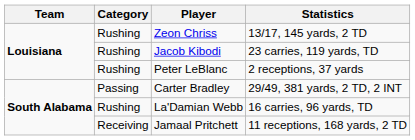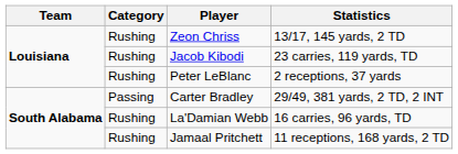 <table class="wikitable" style="float: right;">
 <tr>
 <th>Team</th>
 <th>Category</th>
 <th>Player</th>
 <th>Statistics</th>
 </tr>
 <tr>
 <td rowspan=3><strong>Louisiana</strong></td>
 <td>Rushing</td>
 <td><a href='#'>Zeon Chriss</a></td>
 <td>13/17, 145 yards, 2 TD</td>
 </tr>
 <tr>
 <td>Rushing</td>
 <td><a href='#'>Jacob Kibodi</a></td>
 <td>23 carries, 119 yards, TD</td>
 </tr>
 <tr>
 <td>Rushing</td>
 <td>Peter LeBlanc</td>
 <td>2 receptions, 37 yards</td>
 </tr>
 <tr>
 <td rowspan=3><strong>South Alabama</strong></td>
 <td>Passing</td>
 <td>Carter Bradley</td>
 <td>29/49, 381 yards, 2 TD, 2 INT</td>
 </tr>
 <tr>
 <td>Rushing</td>
 <td>La'Damian Webb</td>
 <td>16 carries, 96 yards, TD</td>
 </tr>
 <tr>
-<td>Receiving</td>
+<td>Rushing</td>
 <td>Jamaal Pritchett</td>
 <td>11 receptions, 168 yards, 2 TD</td>
 </tr>
 </table>
